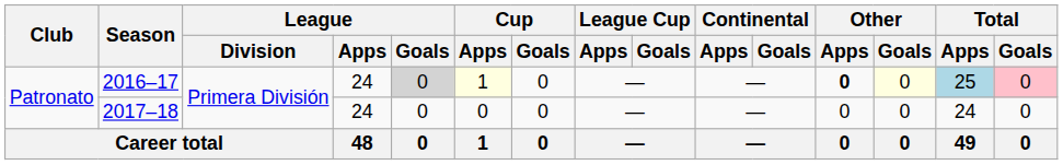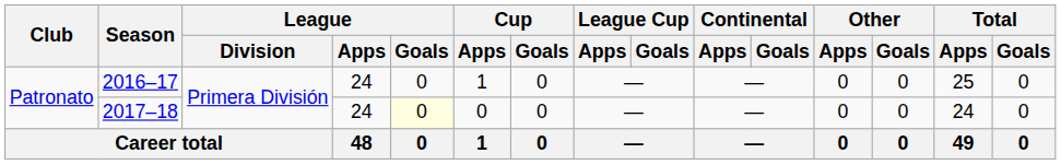 <table class="wikitable" style="text-align:center">
 <tr>
 <th rowspan="2">Club</th>
 <th rowspan="2">Season</th>
 <th colspan="3">League</th>
 <th colspan="2">Cup</th>
 <th colspan="2">League Cup</th>
 <th colspan="2">Continental</th>
 <th colspan="2">Other</th>
 <th colspan="2">Total</th>
 </tr>
 <tr>
 <th>Division</th>
 <th>Apps</th>
 <th>Goals</th>
 <th>Apps</th>
 <th>Goals</th>
 <th>Apps</th>
 <th>Goals</th>
 <th>Apps</th>
 <th>Goals</th>
 <th>Apps</th>
 <th>Goals</th>
 <th>Apps</th>
 <th>Goals</th>
 </tr>
 <tr>
 <td rowspan="2"><a href='#'>Patronato</a></td>
 <td><a href='#'>2016–17</a></td>
 <td rowspan="2"><a href='#'>Primera División</a></td>
 <td>24</td>
-<td style="background: lightgrey;">0</td>
-<td style="background: lightyellow;">1</td>
+<td>0</td>
+<td>1</td>
 <td>0</td>
 <td colspan="2">—</td>
 <td colspan="2">—</td>
-<td><strong>0</strong></td>
-<td style="background: lightyellow;">0</td>
-<td style="background: lightblue;">25</td>
-<td style="background: pink;">0</td>
+<td>0</td>
+<td>0</td>
+<td>25</td>
+<td>0</td>
 </tr>
 <tr>
 <td><a href='#'>2017–18</a></td>
 <td>24</td>
-<td>0</td>
+<td style="background: lightyellow;">0</td>
 <td>0</td>
 <td>0</td>
 <td colspan="2">—</td>
 <td colspan="2">—</td>
 <td>0</td>
 <td>0</td>
 <td>24</td>
 <td>0</td>
 </tr>
 <tr>
 <th colspan="3">Career total</th>
 <th>48</th>
 <th>0</th>
 <th>1</th>
 <th>0</th>
 <th colspan="2">—</th>
 <th colspan="2">—</th>
 <th>0</th>
 <th>0</th>
 <th>49</th>
 <th>0</th>
 </tr>
 </table>
